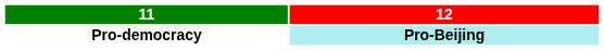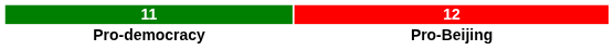 <table style="width:50%; text-align:center;">
 <tr style="color:white;">
 <td style="background:green; width:47.83%;"><strong>11</strong></td>
 <td style="background:red; width:52.17%;"><strong>12</strong></td>
 </tr>
 <tr>
 <td><span><strong>Pro-democracy</strong></span></td>
-<td style="background: paleturquoise;"><span><strong>Pro-Beijing</strong></span></td>
+<td><span><strong>Pro-Beijing</strong></span></td>
 </tr>
 </table>
